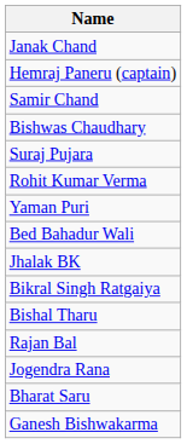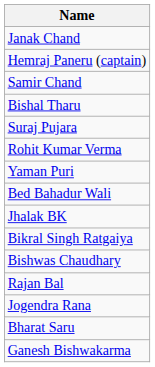 <table class="wikitable sortable" style="text-align: left">
 <tr>
 <th style="text-align:center;">Name</th>
 </tr>
 <tr>
 <td><a href='#'>Janak Chand</a></td>
 </tr>
 <tr>
 <td><a href='#'>Hemraj Paneru</a> (<a href='#'>captain</a>)</td>
 </tr>
 <tr>
 <td><a href='#'>Samir Chand</a></td>
 </tr>
 <tr>
-<td><a href='#'>Bishwas Chaudhary</a></td>
+<td><a href='#'>Bishal Tharu</a></td>
 </tr>
 <tr>
 <td><a href='#'>Suraj Pujara</a></td>
 </tr>
 <tr>
 <td><a href='#'>Rohit Kumar Verma</a></td>
 </tr>
 <tr>
 <td><a href='#'>Yaman Puri</a></td>
 </tr>
 <tr>
 <td><a href='#'>Bed Bahadur Wali</a></td>
 </tr>
 <tr>
 <td><a href='#'>Jhalak BK</a></td>
 </tr>
 <tr>
 <td><a href='#'>Bikral Singh Ratgaiya</a></td>
 </tr>
 <tr>
-<td><a href='#'>Bishal Tharu</a></td>
+<td><a href='#'>Bishwas Chaudhary</a></td>
 </tr>
 <tr>
 <td><a href='#'>Rajan Bal</a></td>
 </tr>
 <tr>
 <td><a href='#'>Jogendra Rana</a></td>
 </tr>
 <tr>
 <td><a href='#'>Bharat Saru</a></td>
 </tr>
 <tr>
 <td><a href='#'>Ganesh Bishwakarma</a></td>
 </tr>
 </table>
